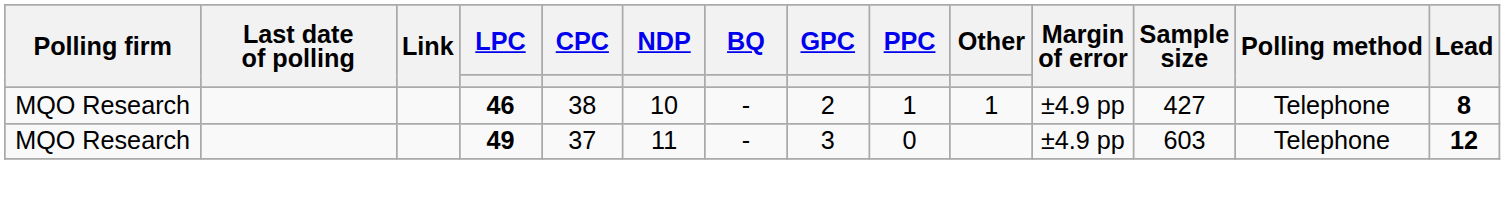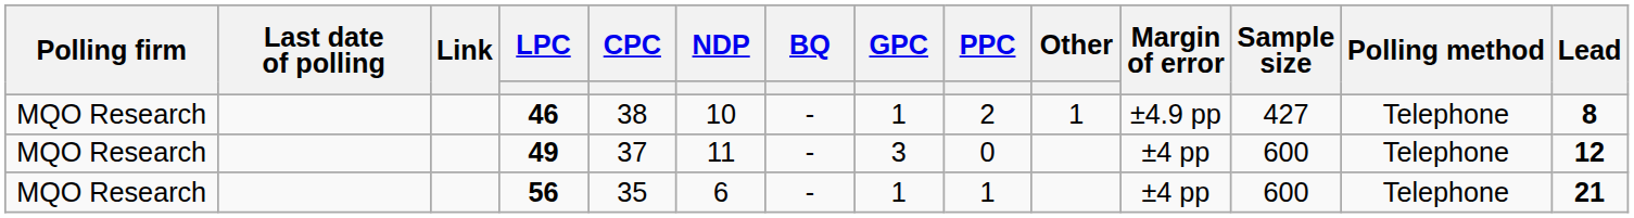 <table class="wikitable sortable mw-datatable" style="text-align:center;font-size:90%;line-height:14px;">
 <tr style="height:40px;">
 <th rowspan="2" style="width:105px;">Polling firm</th>
 <th rowspan="2" style="width:105px;">Last date<br>of polling</th>
 <th rowspan="2">Link</th>
 <th class="unsortable" style="width:40px;"><a href='#'>LPC</a></th>
 <th class="unsortable" style="width:40px;"><a href='#'>CPC</a></th>
 <th class="unsortable" style="width:40px;"><a href='#'>NDP</a></th>
 <th class="unsortable" style="width:40px;"><a href='#'>BQ</a></th>
 <th class="unsortable" style="width:40px;"><a href='#'>GPC</a></th>
 <th class="unsortable" style="width:40px;"><a href='#'>PPC</a></th>
 <th class="unsortable" style="width:40px;">Other</th>
 <th rowspan="2">Margin<br>of error</th>
 <th rowspan="2">Sample<br>size</th>
 <th rowspan="2">Polling method</th>
 <th rowspan="2">Lead</th>
 </tr>
 <tr>
 <th style="background:"></th>
 <th style="background:"></th>
 <th style="background:"></th>
 <th style="background:"></th>
 <th style="background:"></th>
 <th style="background:"></th>
 <th style="background:"></th>
 </tr>
 <tr>
 <td>MQO Research</td>
 <td></td>
 <td></td>
 <td><strong>46</strong></td>
 <td>38</td>
 <td>10</td>
 <td>-</td>
+<td>1</td>
 <td>2</td>
-<td>1</td>
 <td>1</td>
 <td>±4.9 pp</td>
 <td>427</td>
 <td>Telephone</td>
 <td><strong>8</strong></td>
 </tr>
 <tr>
 <td>MQO Research</td>
 <td></td>
 <td></td>
 <td><strong>49</strong></td>
 <td>37</td>
 <td>11</td>
 <td>-</td>
 <td>3</td>
 <td>0</td>
 <td></td>
-<td>±4.9 pp</td>
-<td>603</td>
+<td>±4 pp</td>
+<td>600</td>
 <td>Telephone</td>
 <td><strong>12</strong></td>
 </tr>
+<tr>
+<td>MQO Research</td>
+<td></td>
+<td></td>
+<td><strong>56</strong></td>
+<td>35</td>
+<td>6</td>
+<td>-</td>
+<td>1</td>
+<td>1</td>
+<td></td>
+<td>±4 pp</td>
+<td>600</td>
+<td>Telephone</td>
+<td><strong>21</strong></td>
+</tr>
 </table>
